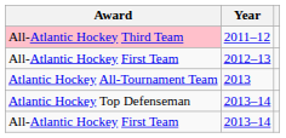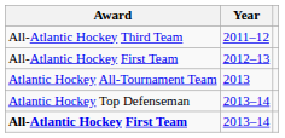 <table class="wikitable">
 <tr>
 <th>Award</th>
 <th>Year</th>
 <th></th>
 </tr>
 <tr>
-<td style="background: pink;">All-<a href='#'>Atlantic Hockey</a> <a href='#'>Third Team</a></td>
+<td>All-<a href='#'>Atlantic Hockey</a> <a href='#'>Third Team</a></td>
 <td><a href='#'>2011–12</a></td>
 <td></td>
 </tr>
 <tr>
 <td>All-<a href='#'>Atlantic Hockey</a> <a href='#'>First Team</a></td>
 <td><a href='#'>2012–13</a></td>
 <td></td>
 </tr>
 <tr>
 <td><a href='#'>Atlantic Hockey</a> <a href='#'>All-Tournament Team</a></td>
 <td><a href='#'>2013</a></td>
 <td></td>
 </tr>
 <tr>
 <td><a href='#'>Atlantic Hockey</a> Top Defenseman</td>
 <td><a href='#'>2013–14</a></td>
 <td></td>
 </tr>
 <tr>
-<td>All-<a href='#'>Atlantic Hockey</a> <a href='#'>First Team</a></td>
+<td><strong>All-<a href='#'>Atlantic Hockey</a> <a href='#'>First Team</a></strong></td>
 <td><a href='#'>2013–14</a></td>
 <td></td>
 </tr>
 </table>
